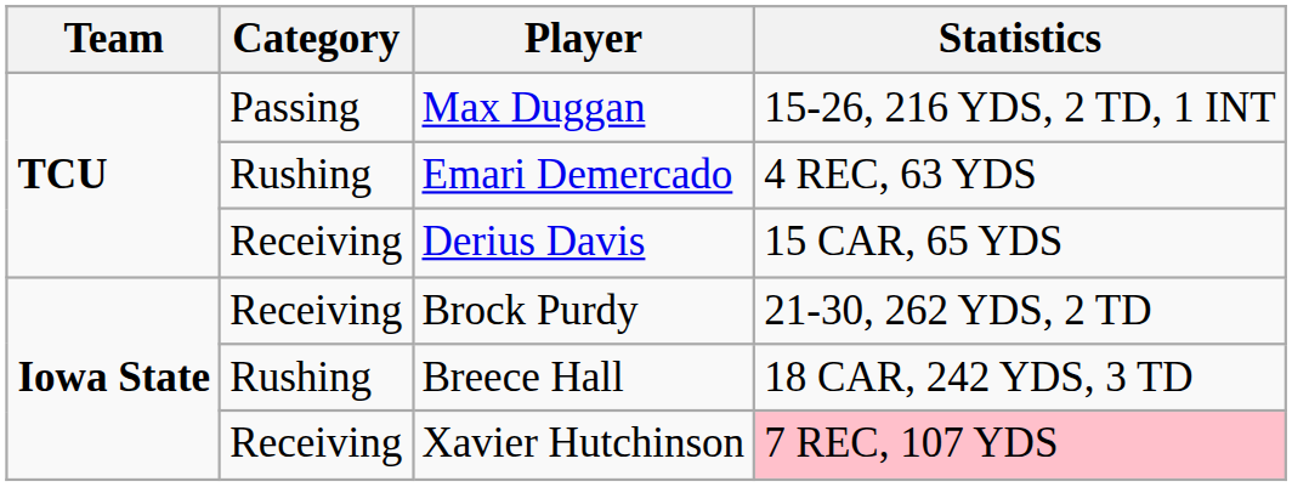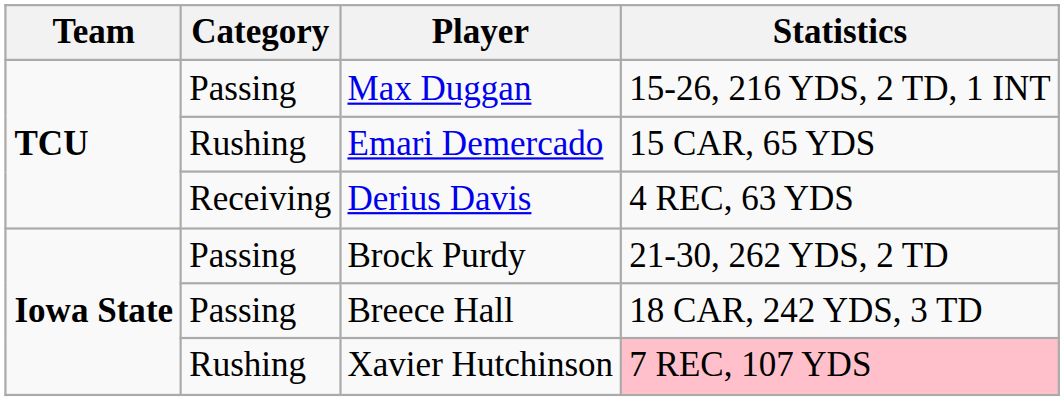 <table class="wikitable" style="float: right;">
 <tr>
 <th>Team</th>
 <th>Category</th>
 <th>Player</th>
 <th>Statistics</th>
 </tr>
 <tr>
 <td rowspan=3><strong>TCU</strong></td>
 <td>Passing</td>
 <td><a href='#'>Max Duggan</a></td>
 <td>15-26, 216 YDS, 2 TD, 1 INT</td>
 </tr>
 <tr>
 <td>Rushing</td>
 <td><a href='#'>Emari Demercado</a></td>
-<td>4 REC, 63 YDS</td>
+<td>15 CAR, 65 YDS</td>
 </tr>
 <tr>
 <td>Receiving</td>
 <td><a href='#'>Derius Davis</a></td>
-<td>15 CAR, 65 YDS</td>
+<td>4 REC, 63 YDS</td>
 </tr>
 <tr>
 <td rowspan=3><strong>Iowa State</strong></td>
-<td>Receiving</td>
+<td>Passing</td>
 <td>Brock Purdy</td>
 <td>21-30, 262 YDS, 2 TD</td>
 </tr>
 <tr>
-<td>Rushing</td>
+<td>Passing</td>
 <td>Breece Hall</td>
 <td>18 CAR, 242 YDS, 3 TD</td>
 </tr>
 <tr>
-<td>Receiving</td>
+<td>Rushing</td>
 <td>Xavier Hutchinson</td>
 <td style="background: pink;">7 REC, 107 YDS</td>
 </tr>
 </table>
